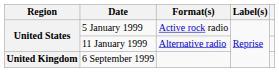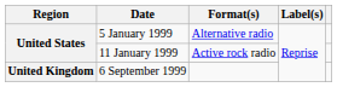 <table class="wikitable plainrowheaders">
 <tr>
 <th scope="col">Region</th>
 <th scope="col">Date</th>
 <th scope="col">Format(s)</th>
 <th scope="col">Label(s)</th>
 <th scope="col"></th>
 </tr>
 <tr>
 <th scope="row" rowspan="2">United States</th>
 <td>5 January 1999</td>
-<td><a href='#'>Active rock</a> radio</td>
+<td><a href='#'>Alternative radio</a></td>
 <td rowspan="3"><a href='#'>Reprise</a></td>
 <td></td>
 </tr>
 <tr>
 <td>11 January 1999</td>
-<td><a href='#'>Alternative radio</a></td>
+<td><a href='#'>Active rock</a> radio</td>
 <td></td>
 </tr>
 <tr>
 <th scope="row">United Kingdom</th>
 <td>6 September 1999</td>
 <td></td>
 <td></td>
 </tr>
 </table>
